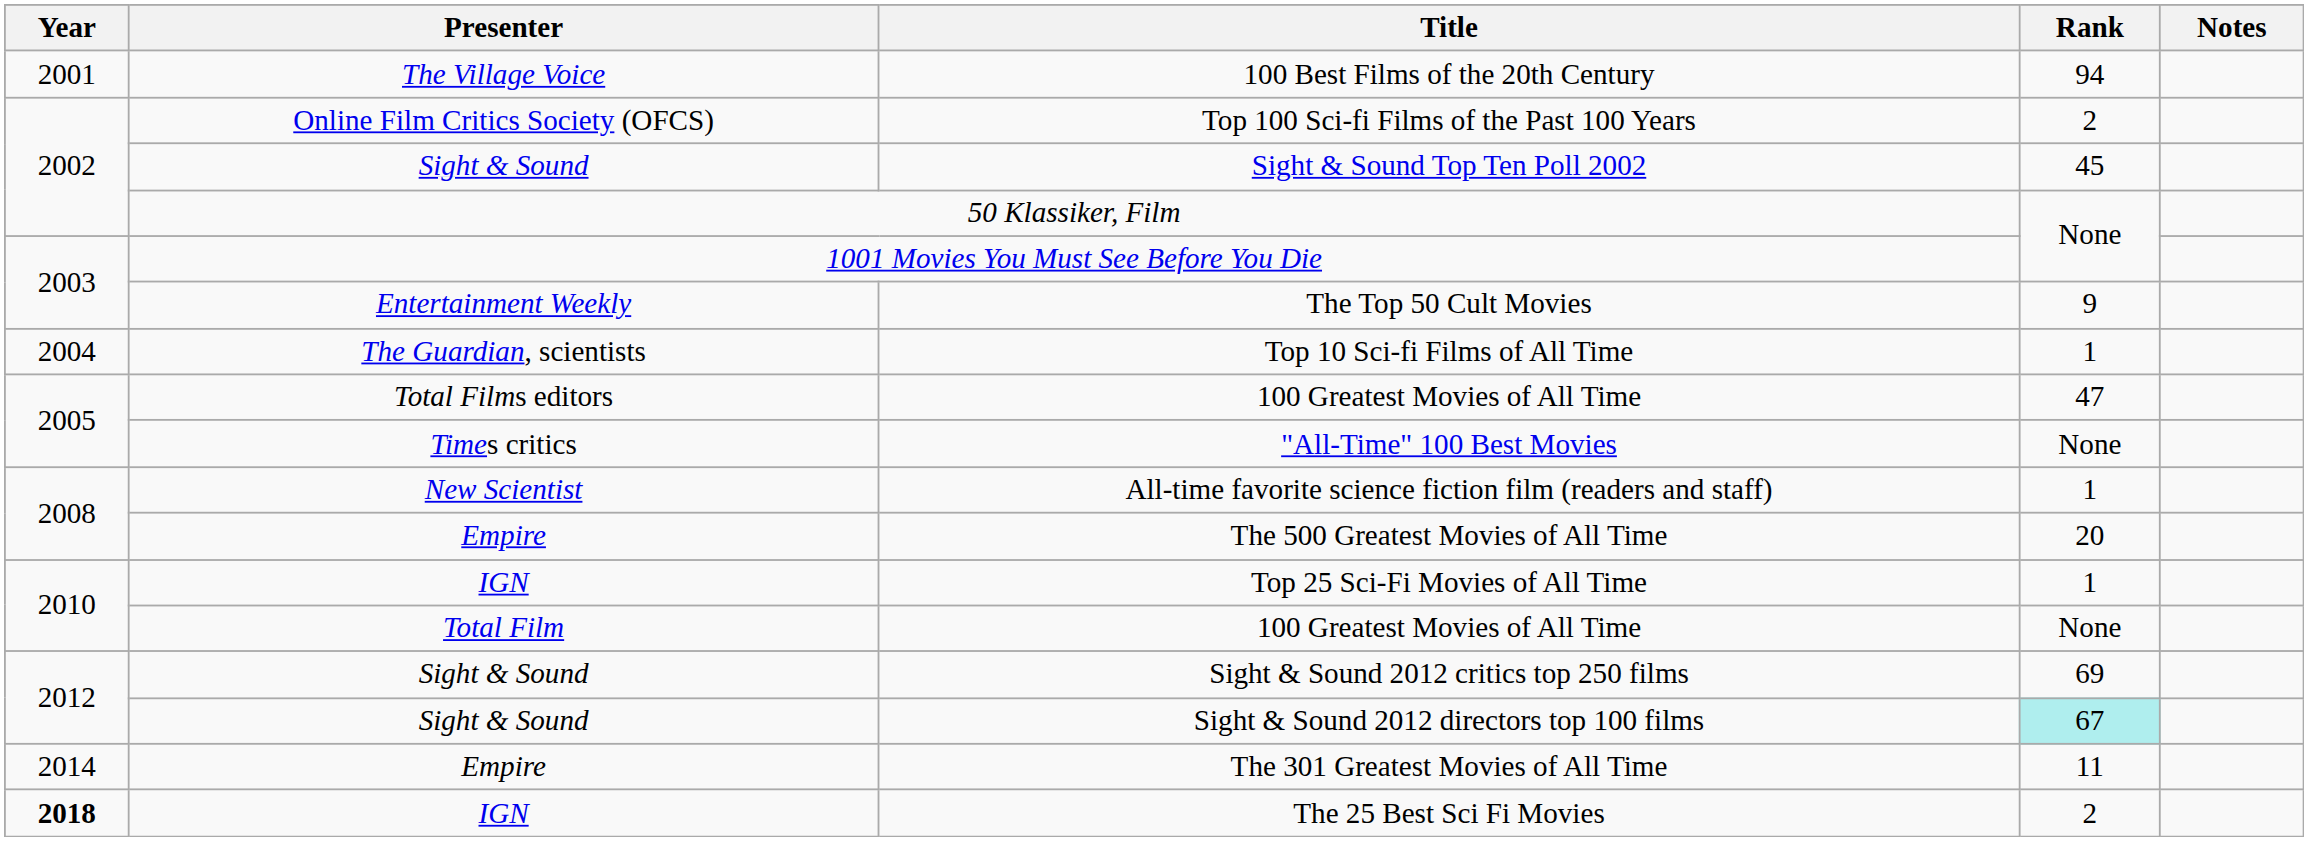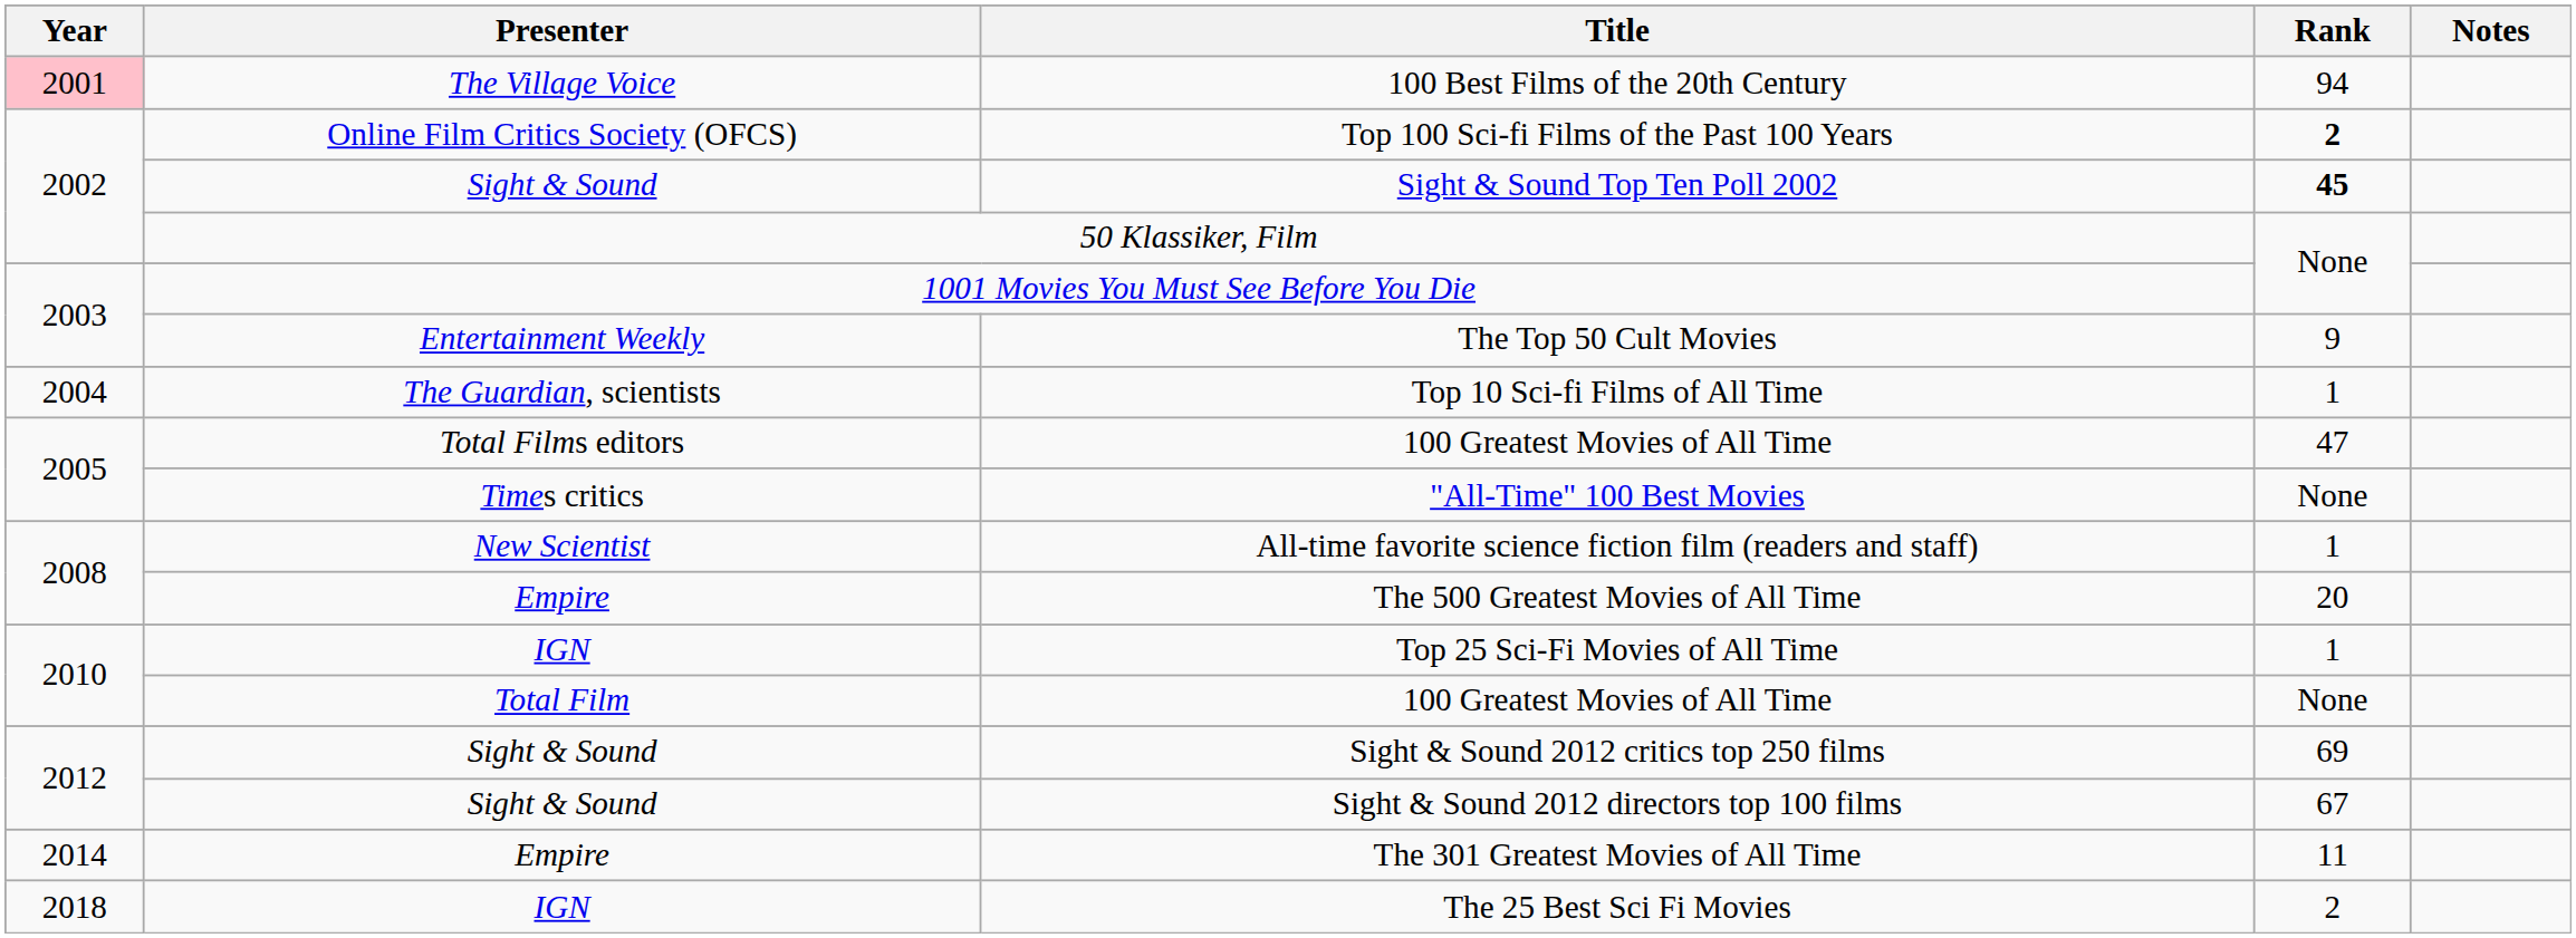 <table class="wikitable" style="text-align:center; width:100%">
 <tr>
 <th>Year</th>
 <th>Presenter</th>
 <th>Title</th>
 <th>Rank</th>
 <th>Notes</th>
 </tr>
 <tr>
-<td>2001</td>
+<td style="background: pink;">2001</td>
 <td align=center><em><a href='#'>The Village Voice</a></em></td>
 <td align=center>100 Best Films of the 20th Century</td>
 <td align=center>94</td>
 <td></td>
 </tr>
 <tr>
 <td rowspan=3>2002</td>
 <td align=center><a href='#'>Online Film Critics Society</a> (OFCS)</td>
 <td align=center>Top 100 Sci-fi Films of the Past 100 Years</td>
-<td align=center>2</td>
+<td align=center><strong>2</strong></td>
 <td></td>
 </tr>
 <tr>
 <td align=center><em><a href='#'>Sight & Sound</a></em></td>
 <td align=center><a href='#'>Sight & Sound Top Ten Poll 2002</a></td>
-<td align=center>45</td>
+<td align=center><strong>45</strong></td>
 <td></td>
 </tr>
 <tr>
 <td colspan="2" style="text-align:center;"><em>50 Klassiker, Film</em></td>
 <td rowspan="2" style="text-align:center;">None</td>
 <td></td>
 </tr>
 <tr>
 <td rowspan=2>2003</td>
 <td colspan="2" style="text-align:center;"><em><a href='#'>1001 Movies You Must See Before You Die</a></em></td>
 <td></td>
 </tr>
 <tr>
 <td align=center><em><a href='#'>Entertainment Weekly</a></em></td>
 <td align=center>The Top 50 Cult Movies</td>
 <td align=center>9</td>
 <td></td>
 </tr>
 <tr>
 <td>2004</td>
 <td align=center><em><a href='#'>The Guardian</a></em>, scientists</td>
 <td align=center>Top 10 Sci-fi Films of All Time</td>
 <td align=center>1</td>
 <td></td>
 </tr>
 <tr>
 <td rowspan=2>2005</td>
 <td align=center><em>Total Film</em>s editors</td>
 <td align=center>100 Greatest Movies of All Time</td>
 <td align=center>47</td>
 <td></td>
 </tr>
 <tr>
 <td align=center><em><a href='#'>Time</a></em>s critics</td>
 <td align=center><a href='#'>"All-Time" 100 Best Movies</a></td>
 <td align=center>None</td>
 <td></td>
 </tr>
 <tr>
 <td rowspan=2>2008</td>
 <td align=center><em><a href='#'>New Scientist</a></em></td>
 <td align=center>All-time favorite science fiction film (readers and staff)</td>
 <td align=center>1</td>
 <td></td>
 </tr>
 <tr>
 <td align=center><em><a href='#'>Empire</a></em></td>
 <td align=center>The 500 Greatest Movies of All Time</td>
 <td align=center>20</td>
 <td></td>
 </tr>
 <tr>
 <td rowspan=2>2010</td>
 <td align=center><em><a href='#'>IGN</a></em></td>
 <td align=center>Top 25 Sci-Fi Movies of All Time</td>
 <td align=center>1</td>
 <td></td>
 </tr>
 <tr>
 <td align=center><em><a href='#'>Total Film</a></em></td>
 <td align=center>100 Greatest Movies of All Time</td>
 <td align=center>None</td>
 <td></td>
 </tr>
 <tr>
 <td rowspan=2>2012</td>
 <td align=center><em>Sight & Sound</em></td>
 <td align=center>Sight & Sound 2012 critics top 250 films</td>
 <td align=center>69</td>
 <td></td>
 </tr>
 <tr>
 <td align=center><em>Sight & Sound</em></td>
 <td align=center>Sight & Sound 2012 directors top 100 films</td>
-<td align=center style="background: paleturquoise;">67</td>
+<td align=center>67</td>
 <td></td>
 </tr>
 <tr>
 <td>2014</td>
 <td align=center><em>Empire</em></td>
 <td align=center>The 301 Greatest Movies of All Time</td>
 <td align=center>11</td>
 <td></td>
 </tr>
 <tr>
-<td><strong>2018</strong></td>
+<td>2018</td>
 <td align=center><em><a href='#'>IGN</a></em></td>
 <td align=center>The 25 Best Sci Fi Movies</td>
 <td align=center>2</td>
 <td></td>
 </tr>
 </table>
